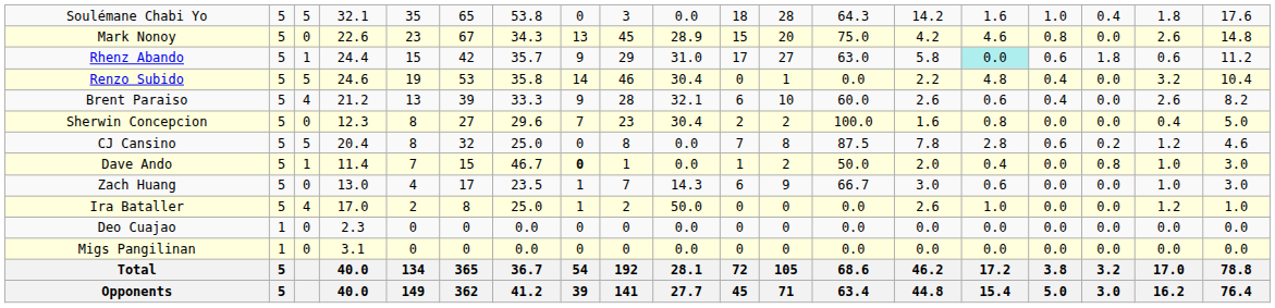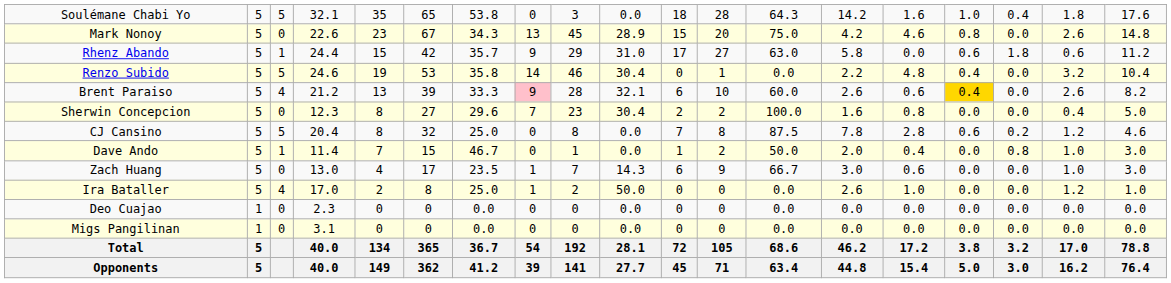 <table class=wikitable width=100%>
 <tr align=center>
 <td>Soulémane Chabi Yo</td>
 <td>5</td>
 <td>5</td>
 <td style=>32.1</td>
 <td>35</td>
 <td>65</td>
 <td style=>53.8</td>
 <td>0</td>
 <td>3</td>
 <td>0.0</td>
 <td>18</td>
 <td>28</td>
 <td>64.3</td>
 <td style=>14.2</td>
 <td>1.6</td>
 <td style=>1.0</td>
 <td>0.4</td>
 <td>1.8</td>
 <td style=>17.6</td>
 </tr>
 <tr bgcolor=#ffffdd align=center>
 <td>Mark Nonoy</td>
 <td>5</td>
 <td>0</td>
 <td>22.6</td>
 <td>23</td>
 <td>67</td>
 <td>34.3</td>
 <td>13</td>
 <td>45</td>
 <td>28.9</td>
 <td>15</td>
 <td>20</td>
 <td>75.0</td>
 <td>4.2</td>
 <td>4.6</td>
 <td>0.8</td>
 <td>0.0</td>
 <td>2.6</td>
 <td>14.8</td>
 </tr>
 <tr align=center>
 <td><a href='#'>Rhenz Abando</a></td>
 <td>5</td>
 <td>1</td>
 <td>24.4</td>
 <td>15</td>
 <td>42</td>
 <td>35.7</td>
 <td>9</td>
 <td>29</td>
 <td>31.0</td>
 <td>17</td>
 <td>27</td>
 <td>63.0</td>
 <td>5.8</td>
-<td style="background: paleturquoise;">0.0</td>
+<td>0.0</td>
 <td>0.6</td>
 <td style=>1.8</td>
 <td>0.6</td>
 <td>11.2</td>
 </tr>
 <tr bgcolor=#ffffdd align=center>
 <td><a href='#'>Renzo Subido</a></td>
 <td>5</td>
 <td>5</td>
 <td>24.6</td>
 <td>19</td>
 <td>53</td>
 <td>35.8</td>
 <td>14</td>
 <td>46</td>
 <td>30.4</td>
 <td>0</td>
 <td>1</td>
 <td>0.0</td>
 <td>2.2</td>
 <td style=>4.8</td>
 <td>0.4</td>
 <td>0.0</td>
 <td>3.2</td>
 <td>10.4</td>
 </tr>
 <tr align=center>
 <td>Brent Paraiso</td>
 <td>5</td>
 <td>4</td>
 <td>21.2</td>
 <td>13</td>
 <td>39</td>
 <td>33.3</td>
-<td>9</td>
+<td style="background: pink;">9</td>
 <td>28</td>
 <td>32.1</td>
 <td>6</td>
 <td>10</td>
 <td>60.0</td>
 <td>2.6</td>
 <td>0.6</td>
-<td>0.4</td>
+<td style="background: gold;">0.4</td>
 <td>0.0</td>
 <td>2.6</td>
 <td>8.2</td>
 </tr>
 <tr bgcolor=#ffffdd align=center>
 <td>Sherwin Concepcion</td>
 <td>5</td>
 <td>0</td>
 <td>12.3</td>
 <td>8</td>
 <td>27</td>
 <td>29.6</td>
 <td>7</td>
 <td>23</td>
 <td>30.4</td>
 <td>2</td>
 <td>2</td>
 <td style=>100.0</td>
 <td>1.6</td>
 <td>0.8</td>
 <td>0.0</td>
 <td>0.0</td>
 <td>0.4</td>
 <td>5.0</td>
 </tr>
 <tr align=center>
 <td>CJ Cansino</td>
 <td>5</td>
 <td>5</td>
 <td>20.4</td>
 <td>8</td>
 <td>32</td>
 <td>25.0</td>
 <td>0</td>
 <td>8</td>
 <td>0.0</td>
 <td>7</td>
 <td>8</td>
 <td>87.5</td>
 <td>7.8</td>
 <td>2.8</td>
 <td>0.6</td>
 <td>0.2</td>
 <td>1.2</td>
 <td>4.6</td>
 </tr>
 <tr bgcolor=#ffffdd align=center>
 <td>Dave Ando</td>
 <td>5</td>
 <td>1</td>
 <td>11.4</td>
 <td>7</td>
 <td>15</td>
 <td>46.7</td>
-<td><strong>0</strong></td>
+<td>0</td>
 <td>1</td>
 <td>0.0</td>
 <td>1</td>
 <td>2</td>
 <td>50.0</td>
 <td>2.0</td>
 <td>0.4</td>
 <td>0.0</td>
 <td>0.8</td>
 <td>1.0</td>
 <td>3.0</td>
 </tr>
 <tr align=center>
 <td>Zach Huang</td>
 <td>5</td>
 <td>0</td>
 <td>13.0</td>
 <td>4</td>
 <td>17</td>
 <td>23.5</td>
 <td>1</td>
 <td>7</td>
 <td>14.3</td>
 <td>6</td>
 <td>9</td>
 <td>66.7</td>
 <td>3.0</td>
 <td>0.6</td>
 <td>0.0</td>
 <td>0.0</td>
 <td>1.0</td>
 <td>3.0</td>
 </tr>
 <tr bgcolor=#ffffdd align=center>
 <td>Ira Bataller</td>
 <td>5</td>
 <td>4</td>
 <td>17.0</td>
 <td>2</td>
 <td>8</td>
 <td>25.0</td>
 <td>1</td>
 <td>2</td>
 <td style=>50.0</td>
 <td>0</td>
 <td>0</td>
 <td>0.0</td>
 <td>2.6</td>
 <td>1.0</td>
 <td>0.0</td>
 <td>0.0</td>
 <td>1.2</td>
 <td>1.0</td>
 </tr>
 <tr align=center>
 <td>Deo Cuajao</td>
 <td>1</td>
 <td>0</td>
 <td>2.3</td>
 <td>0</td>
 <td>0</td>
 <td>0.0</td>
 <td>0</td>
 <td>0</td>
 <td>0.0</td>
 <td>0</td>
 <td>0</td>
 <td>0.0</td>
 <td>0.0</td>
 <td>0.0</td>
 <td>0.0</td>
 <td>0.0</td>
 <td>0.0</td>
 <td>0.0</td>
 </tr>
 <tr bgcolor=#ffffdd align=center>
 <td>Migs Pangilinan</td>
 <td>1</td>
 <td>0</td>
 <td>3.1</td>
 <td>0</td>
 <td>0</td>
 <td>0.0</td>
 <td>0</td>
 <td>0</td>
 <td>0.0</td>
 <td>0</td>
 <td>0</td>
 <td>0.0</td>
 <td>0.0</td>
 <td>0.0</td>
 <td>0.0</td>
 <td>0.0</td>
 <td>0.0</td>
 <td>0.0</td>
 </tr>
 <tr class=sortbottom>
 <th>Total</th>
 <th>5</th>
 <th></th>
 <th>40.0</th>
 <th>134</th>
 <th>365</th>
 <th>36.7</th>
 <th>54</th>
 <th>192</th>
 <th>28.1</th>
 <th>72</th>
 <th>105</th>
 <th>68.6</th>
 <th>46.2</th>
 <th>17.2</th>
 <th>3.8</th>
 <th>3.2</th>
 <th>17.0</th>
 <th>78.8</th>
 </tr>
 <tr class=sortbottom>
 <th>Opponents</th>
 <th>5</th>
 <th></th>
 <th>40.0</th>
 <th>149</th>
 <th>362</th>
 <th>41.2</th>
 <th>39</th>
 <th>141</th>
 <th>27.7</th>
 <th>45</th>
 <th>71</th>
 <th>63.4</th>
 <th>44.8</th>
 <th>15.4</th>
 <th>5.0</th>
 <th>3.0</th>
 <th>16.2</th>
 <th>76.4</th>
 </tr>
 </table>
